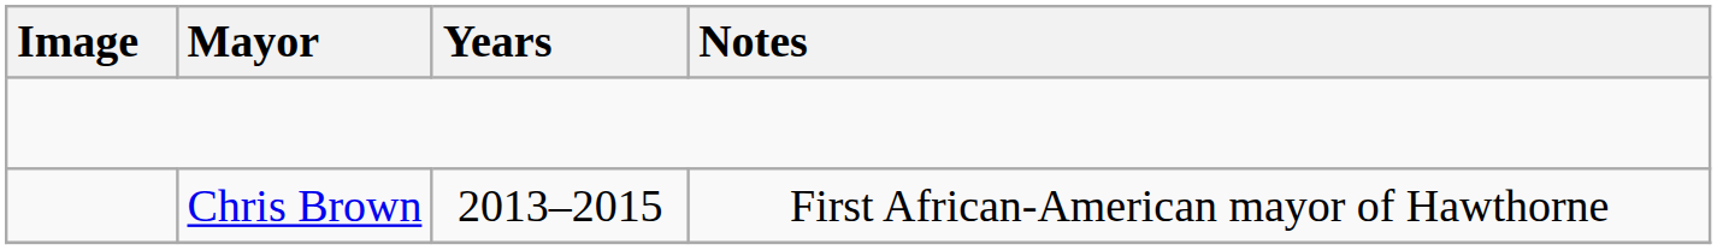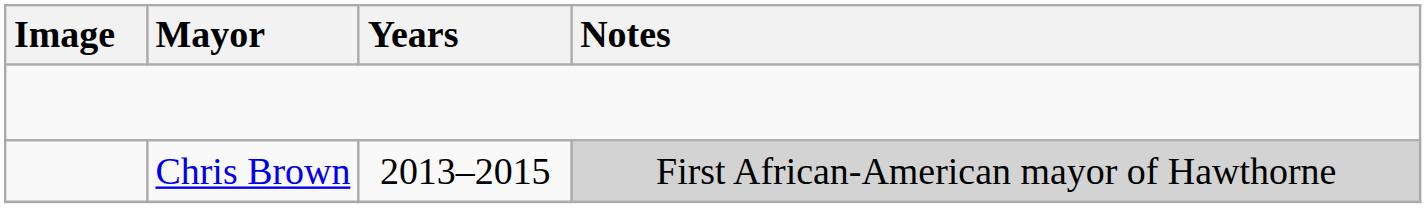 <table class="wikitable" style="text-align:center">
 <tr>
 <th style="text-align:left; width:10%;">Image</th>
 <th style="text-align:left; width:15%;">Mayor</th>
 <th style="text-align:left; width:15%;">Years</th>
 <th style="text-align:left; width:60%;">Notes</th>
 </tr>
 <tr style="height:2em">
 </tr>
 <tr>
 <td></td>
 <td><a href='#'>Chris Brown</a></td>
 <td>2013–2015</td>
-<td>First African-American mayor of Hawthorne</td>
+<td style="background: lightgrey;">First African-American mayor of Hawthorne</td>
 </tr>
 <tr>
 </tr>
 </table>
